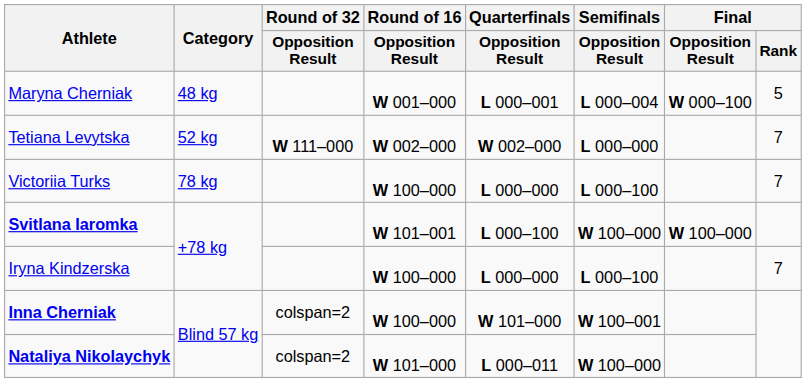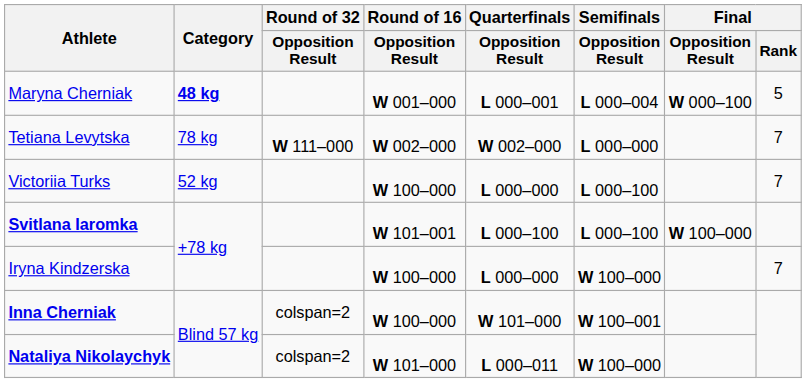 <table class="wikitable" style="text-align:center; font-size:90%">
 <tr>
 <th rowspan=2>Athlete</th>
 <th rowspan=2>Category</th>
 <th>Round of 32</th>
 <th>Round of 16</th>
 <th>Quarterfinals</th>
 <th>Semifinals</th>
 <th colspan=2>Final</th>
 </tr>
 <tr style="font-size:95%">
 <th>Opposition<br>Result</th>
 <th>Opposition<br>Result</th>
 <th>Opposition<br>Result</th>
 <th>Opposition<br>Result</th>
 <th>Opposition<br>Result</th>
 <th>Rank</th>
 </tr>
 <tr>
 <td align=left><a href='#'>Maryna Cherniak</a></td>
-<td align=left><a href='#'>48 kg</a></td>
+<td align=left><strong><a href='#'>48 kg</a></strong></td>
 <td></td>
 <td><br> <strong>W</strong> 001–000</td>
 <td><br> <strong>L</strong> 000–001</td>
 <td><br> <strong>L</strong> 000–004</td>
 <td><br> <strong>W</strong> 000–100</td>
 <td>5</td>
 </tr>
 <tr>
 <td align=left><a href='#'>Tetiana Levytska</a></td>
-<td align=left><a href='#'>52 kg</a></td>
+<td align=left><a href='#'>78 kg</a></td>
 <td><br> <strong>W</strong> 111–000</td>
 <td><br> <strong>W</strong> 002–000</td>
 <td><br> <strong>W</strong> 002–000</td>
 <td><br> <strong>L</strong> 000–000</td>
 <td></td>
 <td>7</td>
 </tr>
 <tr>
 <td align=left><a href='#'>Victoriia Turks</a></td>
-<td align=left><a href='#'>78 kg</a></td>
+<td align=left><a href='#'>52 kg</a></td>
 <td></td>
 <td><br> <strong>W</strong> 100–000</td>
 <td><br> <strong>L</strong> 000–000</td>
 <td><br> <strong>L</strong> 000–100</td>
 <td></td>
 <td>7</td>
 </tr>
 <tr>
 <td align=left><strong><a href='#'>Svitlana Iaromka</a></strong></td>
 <td align=left rowspan=2><a href='#'>+78 kg</a></td>
 <td></td>
 <td><br> <strong>W</strong> 101–001</td>
 <td><br> <strong>L</strong> 000–100</td>
-<td><br> <strong>W</strong> 100–000</td>
+<td><br> <strong>L</strong> 000–100</td>
 <td><br> <strong>W</strong> 100–000</td>
 <td></td>
 </tr>
 <tr>
 <td align=left><a href='#'>Iryna Kindzerska</a></td>
 <td></td>
 <td><br> <strong>W</strong> 100–000</td>
 <td><br> <strong>L</strong> 000–000</td>
-<td><br> <strong>L</strong> 000–100</td>
+<td><br> <strong>W</strong> 100–000</td>
 <td></td>
 <td>7</td>
 </tr>
 <tr>
 <td align=left><strong><a href='#'>Inna Cherniak</a></strong></td>
 <td align=left rowspan=2><a href='#'>Blind 57 kg</a></td>
 <td>colspan=2 </td>
 <td><br> <strong>W</strong> 100–000</td>
 <td><br> <strong>W</strong> 101–000</td>
 <td><br> <strong>W</strong> 100–001</td>
 <td></td>
 </tr>
 <tr>
 <td align=left><strong><a href='#'>Nataliya Nikolaychyk</a></strong></td>
 <td>colspan=2 </td>
 <td><br> <strong>W</strong> 101–000</td>
 <td><br> <strong>L</strong> 000–011</td>
 <td><br> <strong>W</strong> 100–000</td>
 <td></td>
 </tr>
 </table>
